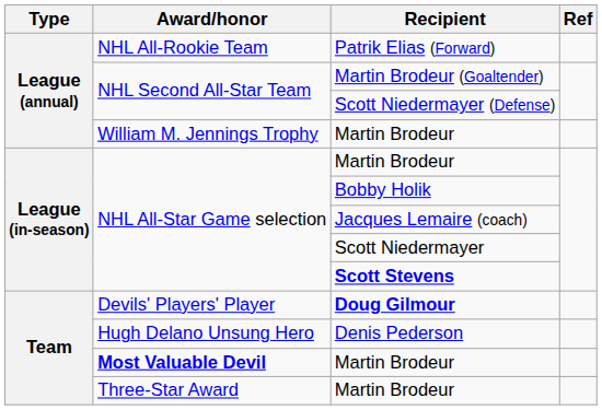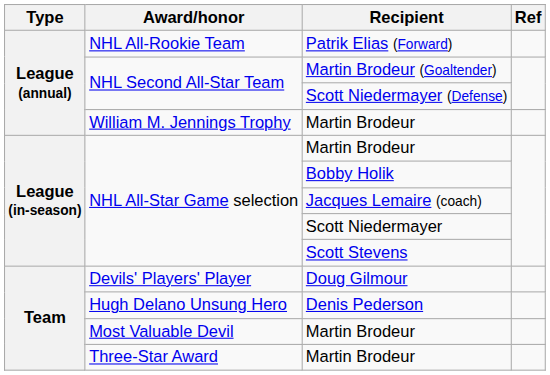 <table class="wikitable">
 <tr>
 <th scope="col">Type</th>
 <th scope="col">Award/honor</th>
 <th scope="col">Recipient</th>
 <th scope="col">Ref</th>
 </tr>
 <tr>
 <th scope="row" rowspan="4">League<br><small>(annual)</small></th>
 <td><a href='#'>NHL All-Rookie Team</a></td>
 <td><a href='#'>Patrik Elias</a> <small>(<a href='#'>Forward</a>)</small></td>
 <td></td>
 </tr>
 <tr>
 <td rowspan="2"><a href='#'>NHL Second All-Star Team</a></td>
 <td><a href='#'>Martin Brodeur</a> <small>(<a href='#'>Goaltender</a>)</small></td>
 <td rowspan="2"></td>
 </tr>
 <tr>
 <td><a href='#'>Scott Niedermayer</a> <small>(<a href='#'>Defense</a>)</small></td>
 </tr>
 <tr>
 <td><a href='#'>William M. Jennings Trophy</a></td>
 <td>Martin Brodeur</td>
 <td></td>
 </tr>
 <tr>
 <th scope="row" rowspan=5>League<br><small>(in-season)</small></th>
 <td rowspan=5><a href='#'>NHL All-Star Game</a> selection</td>
 <td>Martin Brodeur</td>
 <td rowspan=5></td>
 </tr>
 <tr>
 <td><a href='#'>Bobby Holik</a></td>
 </tr>
 <tr>
 <td><a href='#'>Jacques Lemaire</a> <small>(coach)</small></td>
 </tr>
 <tr>
 <td>Scott Niedermayer</td>
 </tr>
 <tr>
-<td><strong><a href='#'>Scott Stevens</a></strong></td>
+<td><a href='#'>Scott Stevens</a></td>
 </tr>
 <tr>
 <th scope="row" rowspan="4">Team</th>
 <td><a href='#'>Devils' Players' Player</a></td>
-<td><strong><a href='#'>Doug Gilmour</a></strong></td>
+<td><a href='#'>Doug Gilmour</a></td>
 <td></td>
 </tr>
 <tr>
 <td><a href='#'>Hugh Delano Unsung Hero</a></td>
 <td><a href='#'>Denis Pederson</a></td>
 <td></td>
 </tr>
 <tr>
-<td><strong><a href='#'>Most Valuable Devil</a></strong></td>
+<td><a href='#'>Most Valuable Devil</a></td>
 <td>Martin Brodeur</td>
 <td></td>
 </tr>
 <tr>
 <td><a href='#'>Three-Star Award</a></td>
 <td>Martin Brodeur</td>
 <td></td>
 </tr>
 </table>
